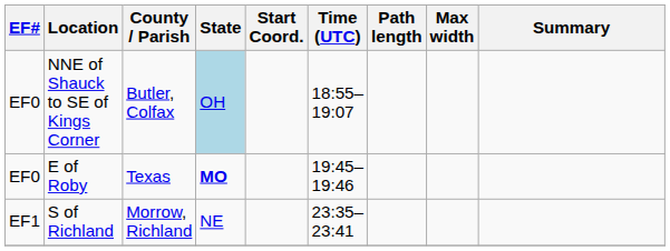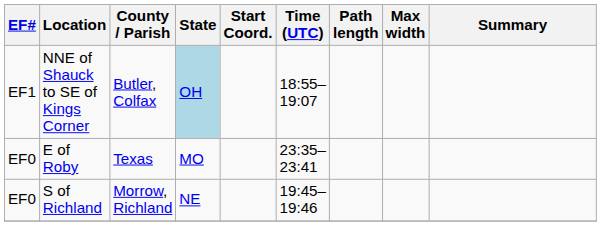 <table class="wikitable sortable" style="width:100%;">
 <tr>
 <th scope="col"  style="width:3%; text-align:center;"><a href='#'>EF#</a></th>
 <th scope="col"  style="width:7%; text-align:center;" class="unsortable">Location</th>
 <th scope="col"  style="width:6%; text-align:center;" class="unsortable">County / Parish</th>
 <th scope="col"  style="width:5%; text-align:center;">State</th>
 <th scope="col"  style="width:6%; text-align:center;">Start Coord.</th>
 <th scope="col"  style="width:6%; text-align:center;">Time (<a href='#'>UTC</a>)</th>
 <th scope="col"  style="width:6%; text-align:center;">Path length</th>
 <th scope="col"  style="width:6%; text-align:center;">Max width</th>
 <th scope="col" class="unsortable" style="width:48%; text-align:center;">Summary</th>
 </tr>
 <tr>
-<td>EF0</td>
+<td>EF1</td>
 <td>NNE of <a href='#'>Shauck</a> to SE of <a href='#'>Kings Corner</a></td>
 <td><a href='#'>Butler</a>, <a href='#'>Colfax</a></td>
 <td style="background: lightblue;"><a href='#'>OH</a></td>
 <td></td>
 <td>18:55–19:07</td>
 <td></td>
 <td></td>
 <td></td>
 </tr>
 <tr>
 <td>EF0</td>
 <td>E of <a href='#'>Roby</a></td>
 <td><a href='#'>Texas</a></td>
-<td><strong><a href='#'>MO</a></strong></td>
+<td><a href='#'>MO</a></td>
+<td></td>
+<td>23:35–23:41</td>
+<td></td>
+<td></td>
+<td></td>
+</tr>
+<tr>
+<td>EF0</td>
+<td>S of <a href='#'>Richland</a></td>
+<td><a href='#'>Morrow</a>, <a href='#'>Richland</a></td>
+<td><a href='#'>NE</a></td>
 <td></td>
 <td>19:45–19:46</td>
 <td></td>
 <td></td>
 <td></td>
 </tr>
 <tr>
-<td>EF1</td>
-<td>S of <a href='#'>Richland</a></td>
-<td><a href='#'>Morrow</a>, <a href='#'>Richland</a></td>
-<td><a href='#'>NE</a></td>
-<td></td>
-<td>23:35–23:41</td>
-<td></td>
-<td></td>
-<td></td>
-</tr>
-<tr>
 </tr>
 </table>
